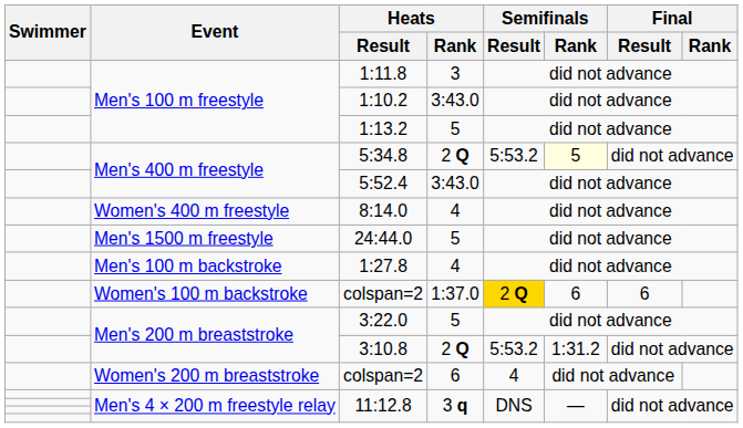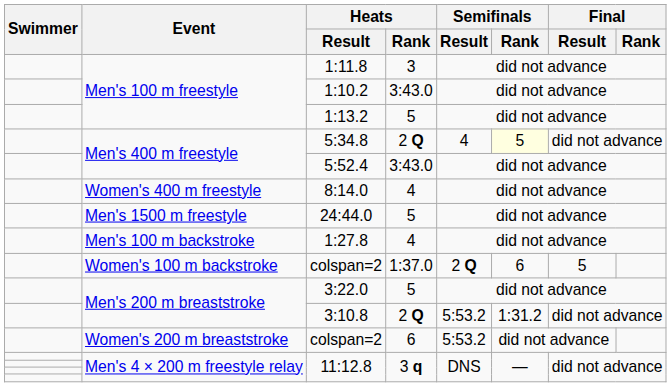 <table class="wikitable sortable" style="text-align:center">
 <tr>
 <th rowspan=2>Swimmer</th>
 <th rowspan=2>Event</th>
 <th colspan=2>Heats</th>
 <th colspan=2>Semifinals</th>
 <th colspan=2>Final</th>
 </tr>
 <tr>
 <th>Result</th>
 <th>Rank</th>
 <th>Result</th>
 <th>Rank</th>
 <th>Result</th>
 <th>Rank</th>
 </tr>
 <tr>
 <td align=left></td>
 <td align=left rowspan=3><a href='#'>Men's 100 m freestyle</a></td>
 <td>1:11.8</td>
 <td>3</td>
 <td colspan=4>did not advance</td>
 </tr>
 <tr>
 <td align=left></td>
 <td>1:10.2</td>
 <td>3:43.0</td>
 <td colspan=4>did not advance</td>
 </tr>
 <tr>
 <td align=left></td>
 <td>1:13.2</td>
 <td>5</td>
 <td colspan=4>did not advance</td>
 </tr>
 <tr>
 <td align=left></td>
 <td align=left rowspan=2><a href='#'>Men's 400 m freestyle</a></td>
 <td>5:34.8</td>
 <td>2 <strong>Q</strong></td>
-<td>5:53.2</td>
+<td>4</td>
 <td style="background: lightyellow;">5</td>
 <td colspan=2>did not advance</td>
 </tr>
 <tr>
 <td align=left></td>
 <td>5:52.4</td>
 <td>3:43.0</td>
 <td colspan=4>did not advance</td>
 </tr>
 <tr>
 <td align=left></td>
 <td align=left><a href='#'>Women's 400 m freestyle</a></td>
 <td>8:14.0</td>
 <td>4</td>
 <td colspan=4>did not advance</td>
 </tr>
 <tr>
 <td align=left></td>
 <td align=left><a href='#'>Men's 1500 m freestyle</a></td>
 <td>24:44.0</td>
 <td>5</td>
 <td colspan=4>did not advance</td>
 </tr>
 <tr>
 <td align=left></td>
 <td align=left><a href='#'>Men's 100 m backstroke</a></td>
 <td>1:27.8</td>
 <td>4</td>
 <td colspan=4>did not advance</td>
 </tr>
 <tr>
 <td align=left></td>
 <td align=left><a href='#'>Women's 100 m backstroke</a></td>
 <td>colspan=2 </td>
 <td>1:37.0</td>
-<td style="background: gold;">2 <strong>Q</strong></td>
+<td>2 <strong>Q</strong></td>
 <td>6</td>
-<td>6</td>
+<td>5</td>
 </tr>
 <tr>
 <td align=left></td>
 <td align=left rowspan=2><a href='#'>Men's 200 m breaststroke</a></td>
 <td>3:22.0</td>
 <td>5</td>
 <td colspan=4>did not advance</td>
 </tr>
 <tr>
 <td align=left></td>
 <td>3:10.8</td>
 <td>2 <strong>Q</strong></td>
 <td>5:53.2</td>
 <td>1:31.2</td>
 <td colspan=2>did not advance</td>
 </tr>
 <tr>
 <td align=left></td>
 <td align=left><a href='#'>Women's 200 m breaststroke</a></td>
 <td>colspan=2 </td>
 <td>6</td>
-<td>4</td>
+<td>5:53.2</td>
 <td colspan=2>did not advance</td>
 </tr>
 <tr>
 <td align=left></td>
 <td align=left rowspan=4><a href='#'>Men's 4 × 200 m freestyle relay</a></td>
 <td rowspan=4>11:12.8</td>
 <td rowspan=4>3 <strong>q</strong></td>
 <td rowspan=4>DNS</td>
 <td rowspan=4>—</td>
 <td colspan=2 rowspan=4>did not advance</td>
 </tr>
 <tr>
 <td align=left></td>
 </tr>
 <tr>
 <td align=left></td>
 </tr>
 <tr>
 <td align=left></td>
 </tr>
 </table>
